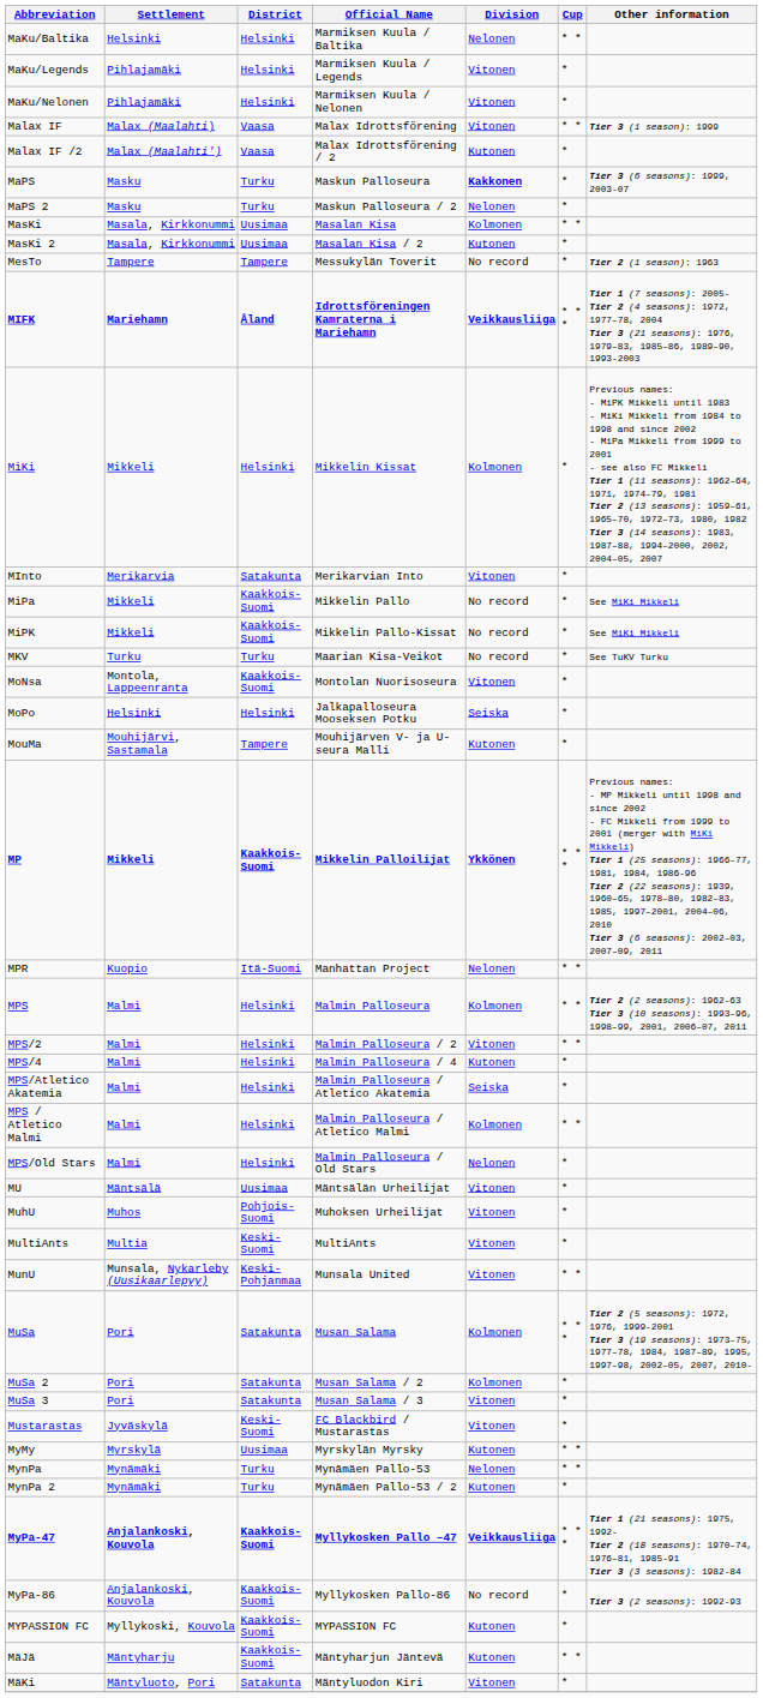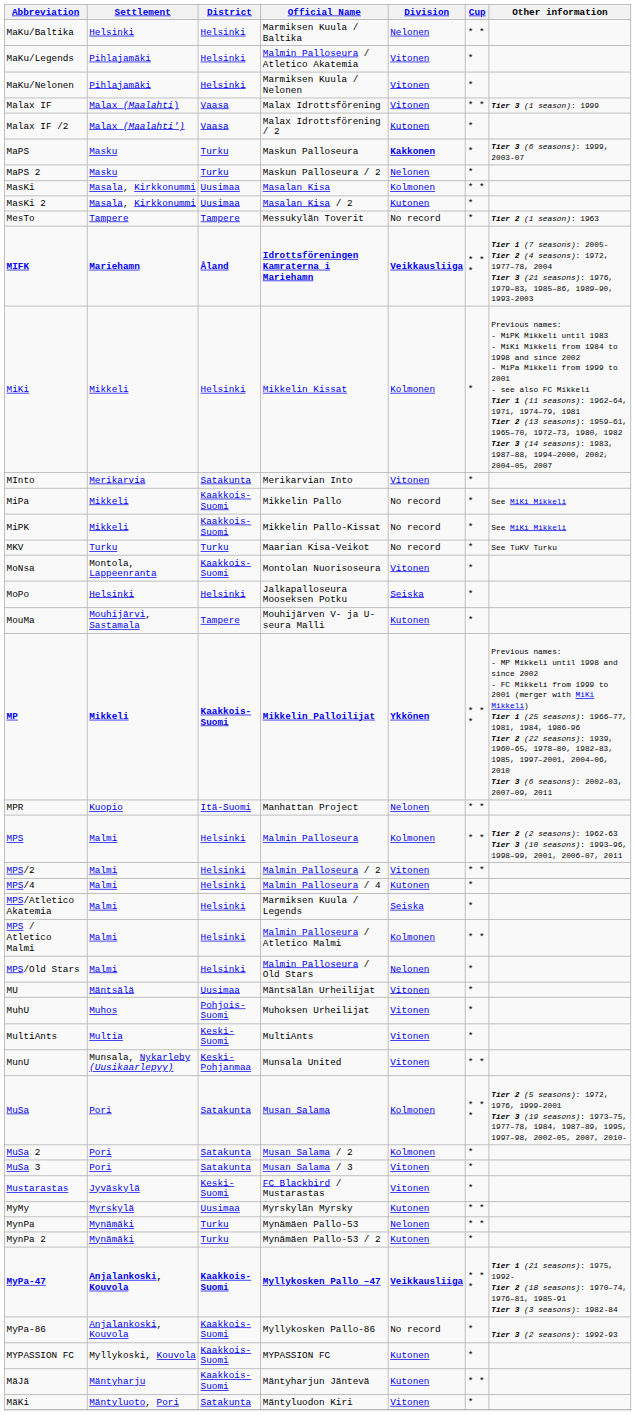 <table class="wikitable" style="text-align:left">
 <tr>
 <th style= width="120px"><a href='#'>Abbreviation</a></th>
 <th style= width="110px"><a href='#'>Settlement</a></th>
 <th style= width="80px"><a href='#'>District</a></th>
 <th style= width="200px"><a href='#'>Official Name</a></th>
 <th style= width="80px"><a href='#'>Division</a></th>
 <th style= width="30px"><a href='#'>Cup</a></th>
 <th style= width="230px">Other information</th>
 </tr>
 <tr>
 <td>MaKu/Baltika</td>
 <td><a href='#'>Helsinki</a></td>
 <td><a href='#'>Helsinki</a></td>
 <td>Marmiksen Kuula / Baltika</td>
 <td><a href='#'>Nelonen</a></td>
 <td>* *</td>
 <td></td>
 </tr>
 <tr>
 <td>MaKu/Legends</td>
 <td><a href='#'>Pihlajamäki</a></td>
 <td><a href='#'>Helsinki</a></td>
-<td>Marmiksen Kuula / Legends</td>
+<td><a href='#'>Malmin Palloseura</a> / Atletico Akatemia</td>
 <td><a href='#'>Vitonen</a></td>
 <td>*</td>
 <td></td>
 </tr>
 <tr>
 <td>MaKu/Nelonen</td>
 <td><a href='#'>Pihlajamäki</a></td>
 <td><a href='#'>Helsinki</a></td>
 <td>Marmiksen Kuula / Nelonen</td>
 <td><a href='#'>Vitonen</a></td>
 <td>*</td>
 <td></td>
 </tr>
 <tr>
 <td>Malax IF</td>
 <td><a href='#'> Malax <em>(Maalahti</em>)</a></td>
 <td><a href='#'>Vaasa</a></td>
 <td>Malax Idrottsförening</td>
 <td><a href='#'>Vitonen</a></td>
 <td>* *</td>
 <td><small><strong><em>Tier 3</em></strong> <em>(1 season)</em>: 1999</small><br></td>
 </tr>
 <tr>
 <td>Malax IF /2</td>
 <td><a href='#'> Malax <em>(Maalahti')</em></a></td>
 <td><a href='#'>Vaasa</a></td>
 <td>Malax Idrottsförening / 2</td>
 <td><a href='#'>Kutonen</a></td>
 <td>*</td>
 <td></td>
 </tr>
 <tr>
 <td>MaPS</td>
 <td><a href='#'>Masku</a></td>
 <td><a href='#'>Turku</a></td>
 <td>Maskun Palloseura</td>
 <td><strong><a href='#'>Kakkonen</a></strong></td>
 <td>*</td>
 <td><small><strong><em>Tier 3</em></strong> <em>(6 seasons)</em>: 1999, 2003-07</small><br></td>
 </tr>
 <tr>
 <td>MaPS 2</td>
 <td><a href='#'>Masku</a></td>
 <td><a href='#'>Turku</a></td>
 <td>Maskun Palloseura / 2</td>
 <td><a href='#'>Nelonen</a></td>
 <td>*</td>
 <td></td>
 </tr>
 <tr>
 <td>MasKi</td>
 <td><a href='#'>Masala</a>, <a href='#'>Kirkkonummi</a></td>
 <td><a href='#'>Uusimaa</a></td>
 <td><a href='#'>Masalan Kisa</a></td>
 <td><a href='#'>Kolmonen</a></td>
 <td>* *</td>
 <td></td>
 </tr>
 <tr>
 <td>MasKi 2</td>
 <td><a href='#'>Masala</a>, <a href='#'>Kirkkonummi</a></td>
 <td><a href='#'>Uusimaa</a></td>
 <td><a href='#'>Masalan Kisa</a> / 2</td>
 <td><a href='#'>Kutonen</a></td>
 <td>*</td>
 <td></td>
 </tr>
 <tr>
 <td>MesTo</td>
 <td><a href='#'>Tampere</a></td>
 <td><a href='#'>Tampere</a></td>
 <td>Messukylän Toverit</td>
 <td>No record</td>
 <td>*</td>
 <td><small><strong><em>Tier 2</em></strong> <em>(1 season)</em>: 1963</small><br></td>
 </tr>
 <tr>
 <td><strong><a href='#'>MIFK</a></strong></td>
 <td><strong><a href='#'>Mariehamn</a></strong></td>
 <td><strong><a href='#'>Åland</a></strong></td>
 <td><strong><a href='#'>Idrottsföreningen Kamraterna i Mariehamn</a></strong></td>
 <td><strong><a href='#'>Veikkausliiga</a></strong></td>
 <td>* * *</td>
 <td><br><small><strong><em>Tier 1</em></strong> <em>(7 seasons)</em>: 2005-</small><br> <small><strong><em>Tier 2</em></strong> <em>(4 seasons)</em>: 1972, 1977–78, 2004</small><br> <small><strong><em>Tier 3</em></strong> <em>(21 seasons)</em>: 1976, 1979–83, 1985–86, 1989–90, 1993-2003</small><br></td>
 </tr>
 <tr>
 <td><a href='#'>MiKi</a></td>
 <td><a href='#'>Mikkeli</a></td>
 <td><a href='#'>Helsinki</a></td>
 <td><a href='#'>Mikkelin Kissat</a></td>
 <td><a href='#'>Kolmonen</a></td>
 <td>*</td>
 <td><br><small>Previous names:</small><br> <small>- MiPK Mikkeli until 1983</small><br> <small>- MiKi Mikkeli from 1984 to 1998 and since 2002</small><br> <small>- MiPa Mikkeli from 1999 to 2001</small><br> <small>- see also FC Mikkeli</small><br> <small><strong><em>Tier 1</em></strong> <em>(11 seasons)</em>: 1962–64, 1971, 1974–79, 1981</small><br> <small><strong><em>Tier 2</em></strong> <em>(13 seasons)</em>: 1959–61, 1965–70, 1972–73, 1980, 1982</small><br> <small><strong><em>Tier 3</em></strong> <em>(14 seasons)</em>: 1983, 1987–88, 1994–2000, 2002, 2004–05, 2007</small><br></td>
 </tr>
 <tr>
 <td>MInto</td>
 <td><a href='#'>Merikarvia</a></td>
 <td><a href='#'>Satakunta</a></td>
 <td>Merikarvian Into</td>
 <td><a href='#'>Vitonen</a></td>
 <td>*</td>
 <td></td>
 </tr>
 <tr>
 <td>MiPa</td>
 <td><a href='#'>Mikkeli</a></td>
 <td><a href='#'>Kaakkois-Suomi</a></td>
 <td>Mikkelin Pallo</td>
 <td>No record</td>
 <td>*</td>
 <td><small>See <a href='#'>MiKi Mikkeli</a></small><br></td>
 </tr>
 <tr>
 <td>MiPK</td>
 <td><a href='#'>Mikkeli</a></td>
 <td><a href='#'>Kaakkois-Suomi</a></td>
 <td>Mikkelin Pallo-Kissat</td>
 <td>No record</td>
 <td>*</td>
 <td><small>See <a href='#'>MiKi Mikkeli</a></small><br></td>
 </tr>
 <tr>
 <td>MKV</td>
 <td><a href='#'>Turku</a></td>
 <td><a href='#'>Turku</a></td>
 <td>Maarian Kisa-Veikot</td>
 <td>No record</td>
 <td>*</td>
 <td><small>See TuKV Turku</small><br></td>
 </tr>
 <tr>
 <td>MoNsa</td>
 <td>Montola, <a href='#'>Lappeenranta</a></td>
 <td><a href='#'>Kaakkois-Suomi</a></td>
 <td>Montolan Nuorisoseura</td>
 <td><a href='#'>Vitonen</a></td>
 <td>*</td>
 <td></td>
 </tr>
 <tr>
 <td>MoPo</td>
 <td><a href='#'>Helsinki</a></td>
 <td><a href='#'>Helsinki</a></td>
 <td>Jalkapalloseura Mooseksen Potku</td>
 <td><a href='#'>Seiska</a></td>
 <td>*</td>
 <td></td>
 </tr>
 <tr>
 <td>MouMa</td>
 <td><a href='#'>Mouhijärvi</a>, <a href='#'>Sastamala</a></td>
 <td><a href='#'>Tampere</a></td>
 <td>Mouhijärven V- ja U-seura Malli</td>
 <td><a href='#'>Kutonen</a></td>
 <td>*</td>
 <td></td>
 </tr>
 <tr>
 <td><strong><a href='#'>MP</a></strong></td>
 <td><strong><a href='#'>Mikkeli</a></strong></td>
 <td><strong><a href='#'>Kaakkois-Suomi</a></strong></td>
 <td><strong><a href='#'>Mikkelin Palloilijat</a></strong></td>
 <td><strong><a href='#'>Ykkönen</a></strong></td>
 <td>* * *</td>
 <td><br><small>Previous names:</small><br> <small>- MP Mikkeli until 1998 and since 2002</small><br> <small>- FC Mikkeli from 1999 to 2001 (merger with <a href='#'>MiKi Mikkeli</a>)</small><br> <small><strong><em>Tier 1</em></strong> <em>(25 seasons)</em>: 1966–77, 1981, 1984, 1986-96</small><br> <small><strong><em>Tier 2</em></strong> <em>(22 seasons)</em>: 1939, 1960–65, 1978–80, 1982–83, 1985, 1997–2001, 2004–06, 2010</small><br> <small><strong><em>Tier 3</em></strong> <em>(6 seasons)</em>: 2002–03, 2007–09, 2011</small><br></td>
 </tr>
 <tr>
 <td>MPR</td>
 <td><a href='#'>Kuopio</a></td>
 <td><a href='#'>Itä-Suomi</a></td>
 <td>Manhattan Project</td>
 <td><a href='#'>Nelonen</a></td>
 <td>* *</td>
 <td></td>
 </tr>
 <tr>
 <td><a href='#'>MPS</a></td>
 <td><a href='#'>Malmi</a></td>
 <td><a href='#'>Helsinki</a></td>
 <td><a href='#'>Malmin Palloseura</a></td>
 <td><a href='#'>Kolmonen</a></td>
 <td>* *</td>
 <td><br><small><strong><em>Tier 2</em></strong> <em>(2 seasons)</em>: 1962-63</small><br> <small><strong><em>Tier 3</em></strong> <em>(10 seasons)</em>: 1993–96, 1998–99, 2001, 2006–07, 2011</small><br></td>
 </tr>
 <tr>
 <td><a href='#'>MPS</a>/2</td>
 <td><a href='#'>Malmi</a></td>
 <td><a href='#'>Helsinki</a></td>
 <td><a href='#'>Malmin Palloseura</a> / 2</td>
 <td><a href='#'>Vitonen</a></td>
 <td>* *</td>
 <td></td>
 </tr>
 <tr>
 <td><a href='#'>MPS</a>/4</td>
 <td><a href='#'>Malmi</a></td>
 <td><a href='#'>Helsinki</a></td>
 <td><a href='#'>Malmin Palloseura</a>  / 4</td>
 <td><a href='#'>Kutonen</a></td>
 <td>*</td>
 <td></td>
 </tr>
 <tr>
 <td><a href='#'>MPS</a>/Atletico Akatemia</td>
 <td><a href='#'>Malmi</a></td>
 <td><a href='#'>Helsinki</a></td>
-<td><a href='#'>Malmin Palloseura</a> / Atletico Akatemia</td>
+<td>Marmiksen Kuula / Legends</td>
 <td><a href='#'>Seiska</a></td>
 <td>*</td>
 <td></td>
 </tr>
 <tr>
 <td><a href='#'>MPS</a> / Atletico Malmi</td>
 <td><a href='#'>Malmi</a></td>
 <td><a href='#'>Helsinki</a></td>
 <td><a href='#'>Malmin Palloseura</a> / Atletico Malmi</td>
 <td><a href='#'>Kolmonen</a></td>
 <td>* *</td>
 <td></td>
 </tr>
 <tr>
 <td><a href='#'>MPS</a>/Old Stars</td>
 <td><a href='#'>Malmi</a></td>
 <td><a href='#'>Helsinki</a></td>
 <td><a href='#'>Malmin Palloseura</a> / Old Stars</td>
 <td><a href='#'>Nelonen</a></td>
 <td>*</td>
 <td></td>
 </tr>
 <tr>
 <td>MU</td>
 <td><a href='#'>Mäntsälä</a></td>
 <td><a href='#'>Uusimaa</a></td>
 <td>Mäntsälän Urheilijat</td>
 <td><a href='#'>Vitonen</a></td>
 <td>*</td>
 <td></td>
 </tr>
 <tr>
 <td>MuhU</td>
 <td><a href='#'>Muhos</a></td>
 <td><a href='#'>Pohjois-Suomi</a></td>
 <td>Muhoksen Urheilijat</td>
 <td><a href='#'>Vitonen</a></td>
 <td>*</td>
 <td></td>
 </tr>
 <tr>
 <td>MultiAnts</td>
 <td><a href='#'>Multia</a></td>
 <td><a href='#'>Keski-Suomi</a></td>
 <td>MultiAnts</td>
 <td><a href='#'>Vitonen</a></td>
 <td>*</td>
 <td></td>
 </tr>
 <tr>
 <td>MunU</td>
 <td>Munsala, <a href='#'> Nykarleby <em>(Uusikaarlepyy)</em></a></td>
 <td><a href='#'>Keski-Pohjanmaa</a></td>
 <td>Munsala United</td>
 <td><a href='#'>Vitonen</a></td>
 <td>* *</td>
 <td></td>
 </tr>
 <tr>
 <td><a href='#'>MuSa</a></td>
 <td><a href='#'>Pori</a></td>
 <td><a href='#'>Satakunta</a></td>
 <td><a href='#'>Musan Salama</a></td>
 <td><a href='#'>Kolmonen</a></td>
 <td>* * *</td>
 <td><br><small><strong><em>Tier 2</em></strong> <em>(5 seasons)</em>: 1972, 1976, 1999-2001</small><br> <small><strong><em>Tier 3</em></strong> <em>(19 seasons)</em>: 1973–75, 1977–78, 1984, 1987–89, 1995, 1997–98, 2002–05, 2007, 2010-</small><br></td>
 </tr>
 <tr>
 <td><a href='#'>MuSa</a> 2</td>
 <td><a href='#'>Pori</a></td>
 <td><a href='#'>Satakunta</a></td>
 <td><a href='#'>Musan Salama</a> / 2</td>
 <td><a href='#'>Kolmonen</a></td>
 <td>*</td>
 <td></td>
 </tr>
 <tr>
 <td><a href='#'>MuSa</a> 3</td>
 <td><a href='#'>Pori</a></td>
 <td><a href='#'>Satakunta</a></td>
 <td><a href='#'>Musan Salama</a> / 3</td>
 <td><a href='#'>Vitonen</a></td>
 <td>*</td>
 <td></td>
 </tr>
 <tr>
 <td><a href='#'>Mustarastas</a></td>
 <td><a href='#'>Jyväskylä</a></td>
 <td><a href='#'>Keski-Suomi</a></td>
 <td><a href='#'>FC Blackbird</a> / Mustarastas</td>
 <td><a href='#'>Vitonen</a></td>
 <td>*</td>
 <td></td>
 </tr>
 <tr>
 <td>MyMy</td>
 <td><a href='#'>Myrskylä</a></td>
 <td><a href='#'>Uusimaa</a></td>
 <td>Myrskylän Myrsky</td>
 <td><a href='#'>Kutonen</a></td>
 <td>* *</td>
 <td></td>
 </tr>
 <tr>
 <td>MynPa</td>
 <td><a href='#'>Mynämäki</a></td>
 <td><a href='#'>Turku</a></td>
 <td>Mynämäen Pallo-53</td>
 <td><a href='#'>Nelonen</a></td>
 <td>* *</td>
 <td></td>
 </tr>
 <tr>
 <td>MynPa 2</td>
 <td><a href='#'>Mynämäki</a></td>
 <td><a href='#'>Turku</a></td>
 <td>Mynämäen Pallo-53 / 2</td>
 <td><a href='#'>Kutonen</a></td>
 <td>*</td>
 <td></td>
 </tr>
 <tr>
 <td><strong><a href='#'>MyPa-47</a></strong></td>
 <td><strong><a href='#'>Anjalankoski</a>, <a href='#'>Kouvola</a></strong></td>
 <td><strong><a href='#'>Kaakkois-Suomi</a></strong></td>
 <td><strong><a href='#'>Myllykosken Pallo –47</a></strong></td>
 <td><strong><a href='#'>Veikkausliiga</a></strong></td>
 <td>* * *</td>
 <td><br><small><strong><em>Tier 1</em></strong> <em>(21 seasons)</em>: 1975, 1992-</small><br> <small><strong><em>Tier 2</em></strong> <em>(18 seasons)</em>: 1970–74, 1976–81, 1985-91</small><br> <small><strong><em>Tier 3</em></strong> <em>(3 seasons)</em>: 1982-84</small><br></td>
 </tr>
 <tr>
 <td>MyPa-86</td>
 <td><a href='#'>Anjalankoski</a>, <a href='#'>Kouvola</a></td>
 <td><a href='#'>Kaakkois-Suomi</a></td>
 <td>Myllykosken Pallo-86</td>
 <td>No record</td>
 <td>*</td>
 <td><br><small><strong><em>Tier 3</em></strong> <em>(2 seasons)</em>: 1992-93</small><br></td>
 </tr>
 <tr>
 <td>MYPASSION FC</td>
 <td>Myllykoski, <a href='#'>Kouvola</a></td>
 <td><a href='#'>Kaakkois-Suomi</a></td>
 <td>MYPASSION FC</td>
 <td><a href='#'>Kutonen</a></td>
 <td>*</td>
 <td></td>
 </tr>
 <tr>
 <td>MäJä</td>
 <td><a href='#'>Mäntyharju</a></td>
 <td><a href='#'>Kaakkois-Suomi</a></td>
 <td>Mäntyharjun Jäntevä</td>
 <td><a href='#'>Kutonen</a></td>
 <td>* *</td>
 <td></td>
 </tr>
 <tr>
 <td>MäKi</td>
 <td><a href='#'>Mäntyluoto</a>, <a href='#'>Pori</a></td>
 <td><a href='#'>Satakunta</a></td>
 <td>Mäntyluodon Kiri</td>
 <td><a href='#'>Vitonen</a></td>
 <td>*</td>
 <td></td>
 </tr>
 <tr>
 </tr>
 </table>
